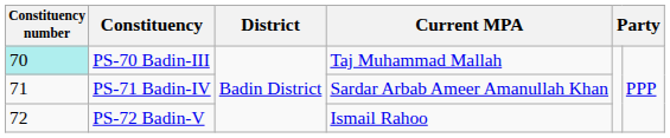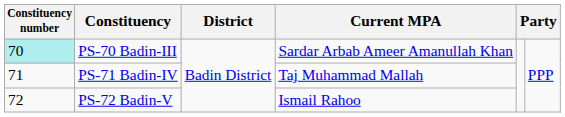 <table class="wikitable">
 <tr>
 <th width="50px" style="font-size:75%">Constituency number</th>
 <th>Constituency</th>
 <th>District</th>
 <th>Current MPA</th>
 <th colspan="2">Party</th>
 </tr>
 <tr>
 <td style="background: paleturquoise;">70</td>
 <td><a href='#'>PS-70 Badin-III</a></td>
 <td rowspan="3"><a href='#'>Badin District</a></td>
-<td><a href='#'>Taj Muhammad Mallah</a></td>
+<td><a href='#'>Sardar Arbab Ameer Amanullah Khan</a></td>
 <td rowspan="3"></td>
 <td rowspan="3"><a href='#'>PPP</a></td>
 </tr>
 <tr>
 <td>71</td>
 <td><a href='#'>PS-71 Badin-IV</a></td>
-<td><a href='#'>Sardar Arbab Ameer Amanullah Khan</a></td>
+<td><a href='#'>Taj Muhammad Mallah</a></td>
 </tr>
 <tr>
 <td>72</td>
 <td><a href='#'>PS-72 Badin-V</a></td>
 <td><a href='#'>Ismail Rahoo</a></td>
 </tr>
 </table>
